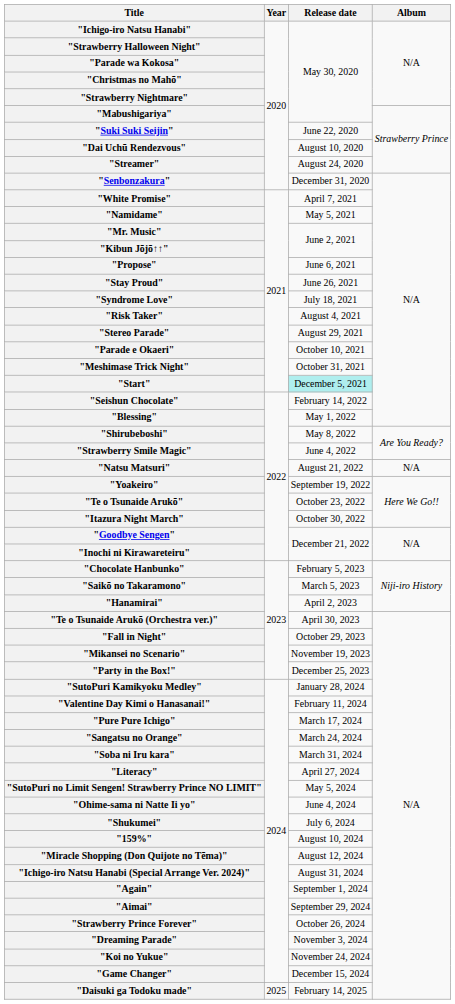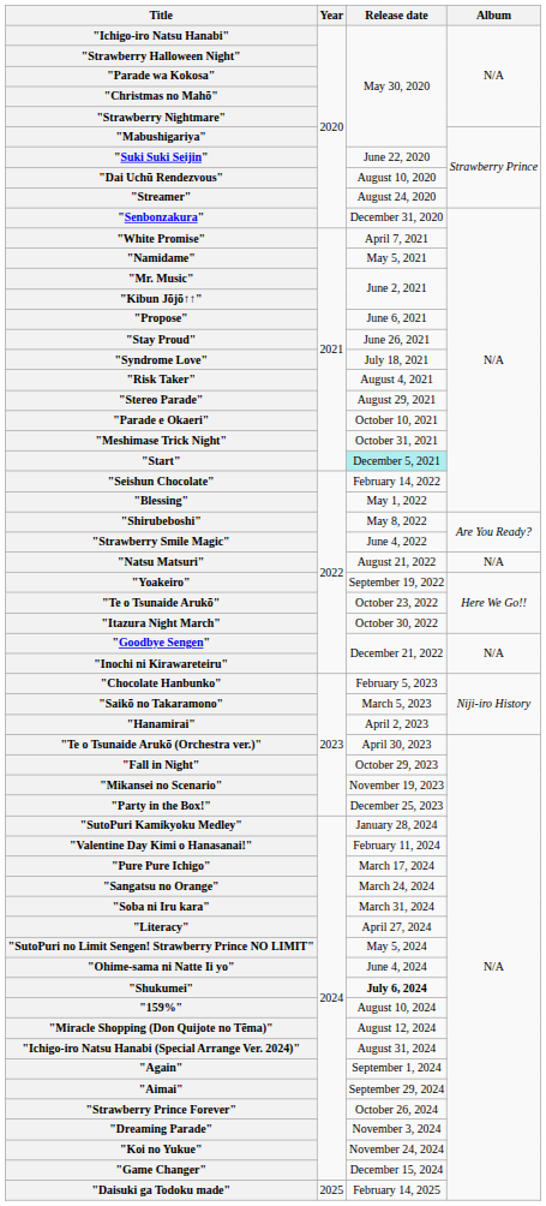 <table class="wikitable plainrowheaders" style="font-size:small; text-align:center">
 <tr>
 <th>Title</th>
 <th>Year</th>
 <th>Release date</th>
 <th>Album</th>
 </tr>
 <tr>
 <th scope="row">"Ichigo-iro Natsu Hanabi"</th>
 <td rowspan="10">2020</td>
 <td rowspan="6">May 30, 2020</td>
 <td rowspan="5">N/A</td>
 </tr>
 <tr>
 <th scope="row">"Strawberry Halloween Night"</th>
 </tr>
 <tr>
 <th scope="row">"Parade wa Kokosa"</th>
 </tr>
 <tr>
 <th scope="row">"Christmas no Mahō"</th>
 </tr>
 <tr>
 <th scope="row">"Strawberry Nightmare"</th>
 </tr>
 <tr>
 <th scope="row">"Mabushigariya"</th>
 <td rowspan="4"><em>Strawberry Prince</em></td>
 </tr>
 <tr>
 <th scope="row">"<a href='#'>Suki Suki Seijin</a>"</th>
 <td>June 22, 2020</td>
 </tr>
 <tr>
 <th scope="row">"Dai Uchū Rendezvous"</th>
 <td>August 10, 2020</td>
 </tr>
 <tr>
 <th scope="row">"Streamer"</th>
 <td>August 24, 2020</td>
 </tr>
 <tr>
 <th scope="row">"<a href='#'>Senbonzakura</a>"</th>
 <td>December 31, 2020</td>
 <td rowspan="15">N/A</td>
 </tr>
 <tr>
 <th scope="row">"White Promise"</th>
 <td rowspan="12">2021</td>
 <td>April 7, 2021</td>
 </tr>
 <tr>
 <th scope="row">"Namidame"</th>
 <td>May 5, 2021</td>
 </tr>
 <tr>
 <th scope="row">"Mr. Music"</th>
 <td rowspan="2">June 2, 2021</td>
 </tr>
 <tr>
 <th scope="row">"Kibun Jōjō↑↑"</th>
 </tr>
 <tr>
 <th scope="row">"Propose"</th>
 <td>June 6, 2021</td>
 </tr>
 <tr>
 <th scope="row">"Stay Proud"</th>
 <td>June 26, 2021</td>
 </tr>
 <tr>
 <th scope="row">"Syndrome Love"</th>
 <td>July 18, 2021</td>
 </tr>
 <tr>
 <th scope="row">"Risk Taker"</th>
 <td>August 4, 2021</td>
 </tr>
 <tr>
 <th scope="row">"Stereo Parade"</th>
 <td>August 29, 2021</td>
 </tr>
 <tr>
 <th scope="row">"Parade e Okaeri"</th>
 <td>October 10, 2021</td>
 </tr>
 <tr>
 <th scope="row">"Meshimase Trick Night"</th>
 <td>October 31, 2021</td>
 </tr>
 <tr>
 <th scope="row">"Start"</th>
 <td style="background: paleturquoise;">December 5, 2021</td>
 </tr>
 <tr>
 <th scope="row">"Seishun Chocolate"</th>
 <td rowspan="10">2022</td>
 <td>February 14, 2022</td>
 </tr>
 <tr>
 <th scope="row">"Blessing"</th>
 <td>May 1, 2022</td>
 </tr>
 <tr>
 <th scope="row">"Shirubeboshi"</th>
 <td>May 8, 2022</td>
 <td rowspan="2"><em>Are You Ready?</em></td>
 </tr>
 <tr>
 <th scope="row">"Strawberry Smile Magic"</th>
 <td>June 4, 2022</td>
 </tr>
 <tr>
 <th scope="row">"Natsu Matsuri"</th>
 <td>August 21, 2022</td>
 <td>N/A</td>
 </tr>
 <tr>
 <th scope="row">"Yoakeiro"</th>
 <td>September 19, 2022</td>
 <td rowspan= "3"><em>Here We Go!!</em></td>
 </tr>
 <tr>
 <th scope="row">"Te o Tsunaide Arukō"</th>
 <td>October 23, 2022</td>
 </tr>
 <tr>
 <th scope="row">"Itazura Night March"</th>
 <td>October 30, 2022</td>
 </tr>
 <tr>
 <th scope="row">"<a href='#'>Goodbye Sengen</a>"</th>
 <td rowspan= "2">December 21, 2022</td>
 <td rowspan= "2">N/A</td>
 </tr>
 <tr>
 <th scope="row">"Inochi ni Kirawareteiru"</th>
 </tr>
 <tr>
 <th scope="row">"Chocolate Hanbunko"</th>
 <td rowspan= "7">2023</td>
 <td>February 5, 2023</td>
 <td rowspan= "3"><em>Niji-iro History</em></td>
 </tr>
 <tr>
 <th scope="row">"Saikō no Takaramono"</th>
 <td>March 5, 2023</td>
 </tr>
 <tr>
 <th scope="row">"Hanamirai"</th>
 <td>April 2, 2023</td>
 </tr>
 <tr>
 <th scope="row">"Te o Tsunaide Arukō (Orchestra ver.)"</th>
 <td>April 30, 2023</td>
 <td rowspan= "23">N/A</td>
 </tr>
 <tr>
 <th scope="row">"Fall in Night"</th>
 <td>October 29, 2023</td>
 </tr>
 <tr>
 <th scope="row">"Mikansei no Scenario"</th>
 <td>November 19, 2023</td>
 </tr>
 <tr>
 <th scope="row">"Party in the Box!"</th>
 <td>December 25, 2023</td>
 </tr>
 <tr>
 <th scope="row">"SutoPuri Kamikyoku Medley"</th>
 <td rowspan="18">2024</td>
 <td>January 28, 2024</td>
 </tr>
 <tr>
 <th scope="row">"Valentine Day Kimi o Hanasanai!"</th>
 <td>February 11, 2024</td>
 </tr>
 <tr>
 <th scope="row">"Pure Pure Ichigo"</th>
 <td>March 17, 2024</td>
 </tr>
 <tr>
 <th scope="row">"Sangatsu no Orange"</th>
 <td>March 24, 2024</td>
 </tr>
 <tr>
 <th scope="row">"Soba ni Iru kara"</th>
 <td>March 31, 2024</td>
 </tr>
 <tr>
 <th scope="row">"Literacy"</th>
 <td>April 27, 2024</td>
 </tr>
 <tr>
 <th scope="row">"SutoPuri no Limit Sengen! Strawberry Prince NO LIMIT"</th>
 <td>May 5, 2024</td>
 </tr>
 <tr>
 <th scope="row">"Ohime-sama ni Natte Ii yo"</th>
 <td>June 4, 2024</td>
 </tr>
 <tr>
 <th scope="row">"Shukumei"</th>
-<td>July 6, 2024</td>
+<td><strong>July 6, 2024</strong></td>
 </tr>
 <tr>
 <th scope="row">"159%"</th>
 <td>August 10, 2024</td>
 </tr>
 <tr>
 <th scope="row">"Miracle Shopping (Don Quijote no Tēma)"</th>
 <td>August 12, 2024</td>
 </tr>
 <tr>
 <th scope="row">"Ichigo-iro Natsu Hanabi (Special Arrange Ver. 2024)"</th>
 <td>August 31, 2024</td>
 </tr>
 <tr>
 <th scope="row">"Again"</th>
 <td>September 1, 2024</td>
 </tr>
 <tr>
 <th scope="row">"Aimai"</th>
 <td>September 29, 2024</td>
 </tr>
 <tr>
 <th scope="row">"Strawberry Prince Forever"</th>
 <td>October 26, 2024</td>
 </tr>
 <tr>
 <th scope="row">"Dreaming Parade"</th>
 <td>November 3, 2024</td>
 </tr>
 <tr>
 <th scope="row">"Koi no Yukue"</th>
 <td>November 24, 2024</td>
 </tr>
 <tr>
 <th scope="row">"Game Changer"</th>
 <td>December 15, 2024</td>
 </tr>
 <tr>
 <th scope="row">"Daisuki ga Todoku made"</th>
 <td>2025</td>
 <td>February 14, 2025</td>
 </tr>
 </table>
